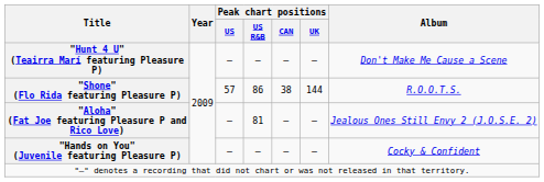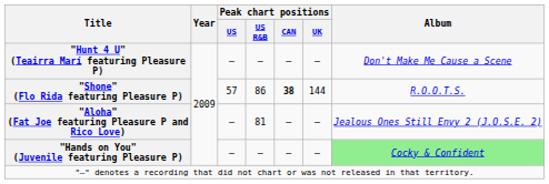 <table class="wikitable plainrowheaders" style="text-align:center;">
 <tr>
 <th scope="col" rowspan="2" style="width:20em;">Title</th>
 <th scope="col" rowspan="2">Year</th>
 <th scope="col" colspan="4">Peak chart positions</th>
 <th scope="col" rowspan="2">Album</th>
 </tr>
 <tr>
 <th style="width:3em;font-size:90%;"><a href='#'>US</a><br></th>
 <th style="width:3em;font-size:90%;"><a href='#'>US<br>R&B</a><br></th>
 <th style="width:3em;font-size:90%;"><a href='#'>CAN</a><br></th>
 <th style="width:3em;font-size:90%;"><a href='#'>UK</a><br></th>
 </tr>
 <tr>
 <th scope="row">"<a href='#'>Hunt 4 U</a>"<br><span>(<a href='#'>Teairra Marí</a> featuring Pleasure P)</span></th>
 <td rowspan="4">2009</td>
 <td>—</td>
 <td>—</td>
 <td>—</td>
 <td>—</td>
 <td><em><a href='#'>Don't Make Me Cause a Scene</a></em></td>
 </tr>
 <tr>
 <th scope="row">"<a href='#'>Shone</a>"<br><span>(<a href='#'>Flo Rida</a> featuring Pleasure P)</span></th>
 <td>57</td>
 <td>86</td>
-<td>38</td>
+<td><strong>38</strong></td>
 <td>144</td>
 <td><em><a href='#'>R.O.O.T.S.</a></em></td>
 </tr>
 <tr>
 <th scope="row">"<a href='#'>Aloha</a>"<br><span>(<a href='#'>Fat Joe</a> featuring Pleasure P and <a href='#'>Rico Love</a>)</span></th>
 <td>—</td>
 <td>81</td>
 <td>—</td>
 <td>—</td>
 <td><em><a href='#'>Jealous Ones Still Envy 2 (J.O.S.E. 2)</a></em></td>
 </tr>
 <tr>
 <th scope="row">"Hands on You"<br><span>(<a href='#'>Juvenile</a> featuring Pleasure P)</span></th>
 <td>—</td>
 <td>—</td>
 <td>—</td>
 <td>—</td>
-<td><em><a href='#'>Cocky & Confident</a></em></td>
+<td style="background: lightgreen;"><em><a href='#'>Cocky & Confident</a></em></td>
 </tr>
 <tr>
 <td colspan="14" style="font-size:90%">"—" denotes a recording that did not chart or was not released in that territory.</td>
 </tr>
 </table>
